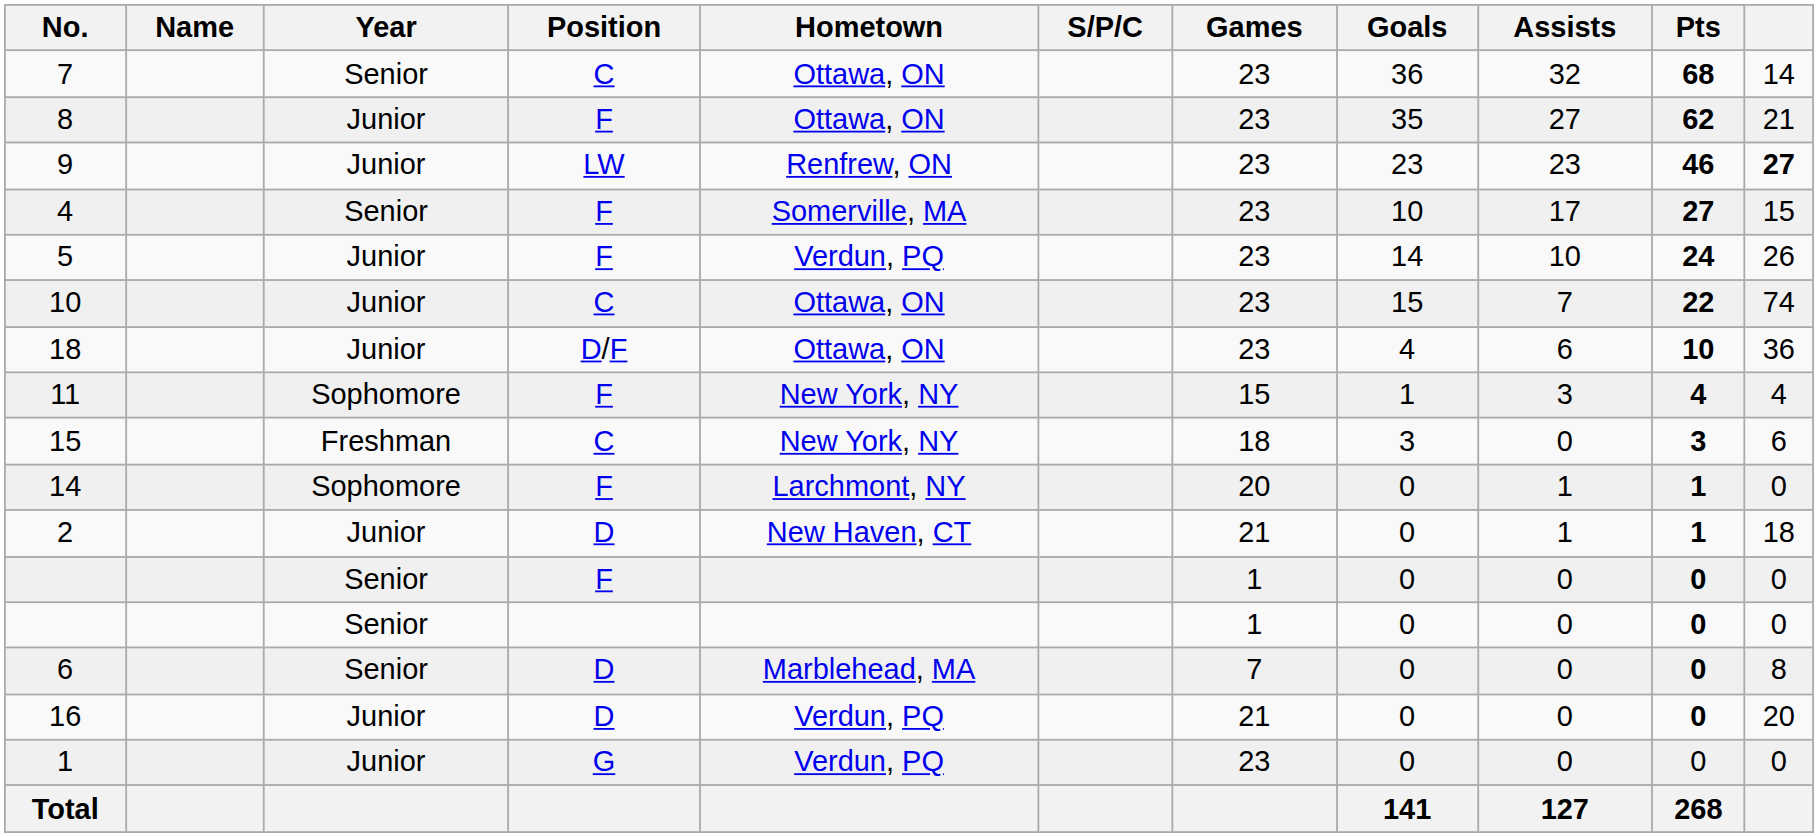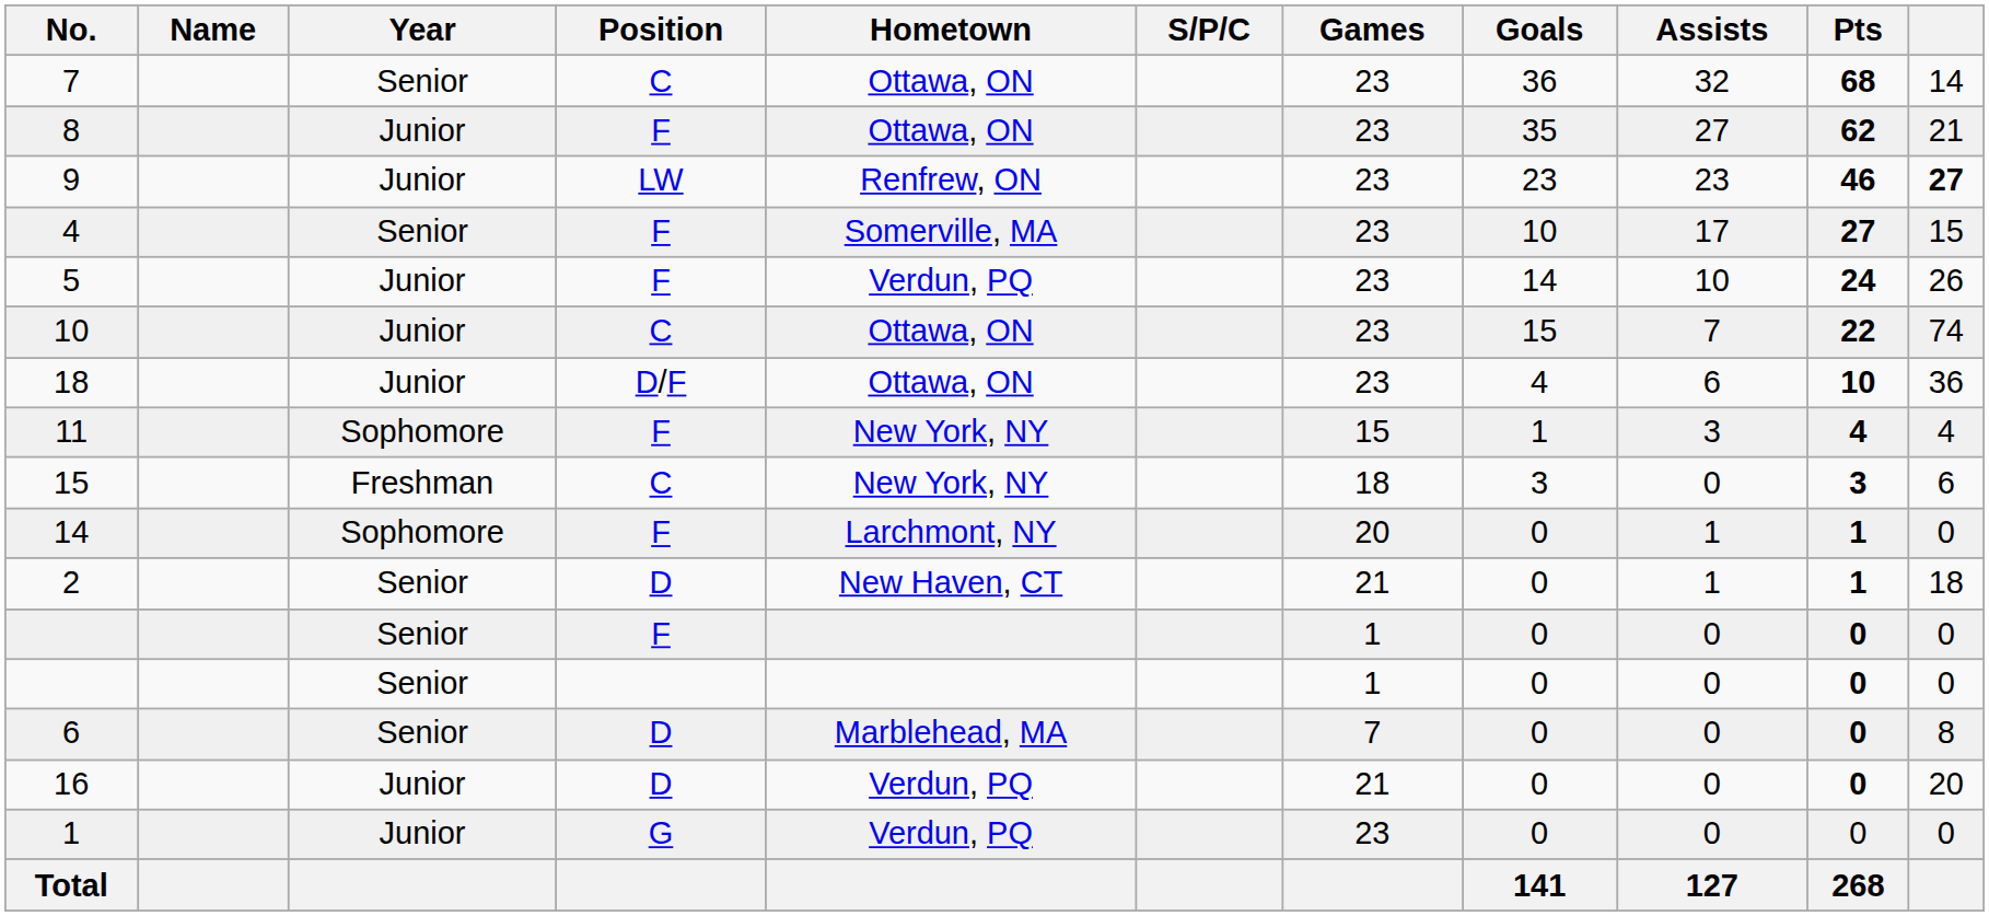 <table class="wikitable sortable" width ="1000">
 <tr align="center">
 <th><strong>No.</strong></th>
 <th><strong>Name</strong></th>
 <th><strong>Year</strong></th>
 <th><strong>Position</strong></th>
 <th><strong>Hometown</strong></th>
 <th><strong>S/P/C</strong></th>
 <th><strong>Games</strong></th>
 <th><strong>Goals</strong></th>
 <th><strong>Assists</strong></th>
 <th><strong>Pts</strong></th>
 <th><strong><a href='#'></a></strong></th>
 </tr>
 <tr align="center" bgcolor="">
 <td>7</td>
 <td></td>
 <td>Senior</td>
 <td><a href='#'>C</a></td>
 <td><a href='#'>Ottawa</a>, <a href='#'>ON</a></td>
 <td></td>
 <td>23</td>
 <td>36</td>
 <td>32</td>
 <td><strong>68</strong></td>
 <td>14</td>
 </tr>
 <tr align="center" bgcolor="#f0f0f0">
 <td>8</td>
 <td></td>
 <td>Junior</td>
 <td><a href='#'>F</a></td>
 <td><a href='#'>Ottawa</a>, <a href='#'>ON</a></td>
 <td></td>
 <td>23</td>
 <td>35</td>
 <td>27</td>
 <td><strong>62</strong></td>
 <td>21</td>
 </tr>
 <tr align="center" bgcolor="">
 <td>9</td>
 <td></td>
 <td>Junior</td>
 <td><a href='#'>LW</a></td>
 <td><a href='#'>Renfrew</a>, <a href='#'>ON</a></td>
 <td></td>
 <td>23</td>
 <td>23</td>
 <td>23</td>
 <td><strong>46</strong></td>
 <td><strong>27</strong></td>
 </tr>
 <tr align="center" bgcolor="#f0f0f0">
 <td>4</td>
 <td></td>
 <td>Senior</td>
 <td><a href='#'>F</a></td>
 <td><a href='#'>Somerville</a>, <a href='#'>MA</a></td>
 <td></td>
 <td>23</td>
 <td>10</td>
 <td>17</td>
 <td><strong>27</strong></td>
 <td>15</td>
 </tr>
 <tr align="center" bgcolor="">
 <td>5</td>
 <td></td>
 <td>Junior</td>
 <td><a href='#'>F</a></td>
 <td><a href='#'>Verdun</a>, <a href='#'>PQ</a></td>
 <td></td>
 <td>23</td>
 <td>14</td>
 <td>10</td>
 <td><strong>24</strong></td>
 <td>26</td>
 </tr>
 <tr align="center" bgcolor="#f0f0f0">
 <td>10</td>
 <td></td>
 <td>Junior</td>
 <td><a href='#'>C</a></td>
 <td><a href='#'>Ottawa</a>, <a href='#'>ON</a></td>
 <td></td>
 <td>23</td>
 <td>15</td>
 <td>7</td>
 <td><strong>22</strong></td>
 <td>74</td>
 </tr>
 <tr align="center" bgcolor="">
 <td>18</td>
 <td></td>
 <td>Junior</td>
 <td><a href='#'>D</a>/<a href='#'>F</a></td>
 <td><a href='#'>Ottawa</a>, <a href='#'>ON</a></td>
 <td></td>
 <td>23</td>
 <td>4</td>
 <td>6</td>
 <td><strong>10</strong></td>
 <td>36</td>
 </tr>
 <tr align="center" bgcolor="#f0f0f0">
 <td>11</td>
 <td></td>
 <td>Sophomore</td>
 <td><a href='#'>F</a></td>
 <td><a href='#'>New York</a>, <a href='#'>NY</a></td>
 <td></td>
 <td>15</td>
 <td>1</td>
 <td>3</td>
 <td><strong>4</strong></td>
 <td>4</td>
 </tr>
 <tr align="center" bgcolor="">
 <td>15</td>
 <td></td>
 <td>Freshman</td>
 <td><a href='#'>C</a></td>
 <td><a href='#'>New York</a>, <a href='#'>NY</a></td>
 <td></td>
 <td>18</td>
 <td>3</td>
 <td>0</td>
 <td><strong>3</strong></td>
 <td>6</td>
 </tr>
 <tr align="center" bgcolor="#f0f0f0">
 <td>14</td>
 <td></td>
 <td>Sophomore</td>
 <td><a href='#'>F</a></td>
 <td><a href='#'>Larchmont</a>, <a href='#'>NY</a></td>
 <td></td>
 <td>20</td>
 <td>0</td>
 <td>1</td>
 <td><strong>1</strong></td>
 <td>0</td>
 </tr>
 <tr align="center" bgcolor="">
 <td>2</td>
 <td></td>
-<td>Junior</td>
+<td>Senior</td>
 <td><a href='#'>D</a></td>
 <td><a href='#'>New Haven</a>, <a href='#'>CT</a></td>
 <td></td>
 <td>21</td>
 <td>0</td>
 <td>1</td>
 <td><strong>1</strong></td>
 <td>18</td>
 </tr>
 <tr align="center" bgcolor="#f0f0f0">
 <td></td>
 <td></td>
 <td>Senior</td>
 <td><a href='#'>F</a></td>
 <td></td>
 <td></td>
 <td>1</td>
 <td>0</td>
 <td>0</td>
 <td><strong>0</strong></td>
 <td>0</td>
 </tr>
 <tr align="center" bgcolor="">
 <td></td>
 <td></td>
 <td>Senior</td>
 <td></td>
 <td></td>
 <td></td>
 <td>1</td>
 <td>0</td>
 <td>0</td>
 <td><strong>0</strong></td>
 <td>0</td>
 </tr>
 <tr align="center" bgcolor="#f0f0f0">
 <td>6</td>
 <td></td>
 <td>Senior</td>
 <td><a href='#'>D</a></td>
 <td><a href='#'>Marblehead</a>, <a href='#'>MA</a></td>
 <td></td>
 <td>7</td>
 <td>0</td>
 <td>0</td>
 <td><strong>0</strong></td>
 <td>8</td>
 </tr>
 <tr align="center" bgcolor="">
 <td>16</td>
 <td></td>
 <td>Junior</td>
 <td><a href='#'>D</a></td>
 <td><a href='#'>Verdun</a>, <a href='#'>PQ</a></td>
 <td></td>
 <td>21</td>
 <td>0</td>
 <td>0</td>
 <td><strong>0</strong></td>
 <td>20</td>
 </tr>
 <tr align="center" bgcolor="#f0f0f0">
 <td>1</td>
 <td></td>
 <td>Junior</td>
 <td><a href='#'>G</a></td>
 <td><a href='#'>Verdun</a>, <a href='#'>PQ</a></td>
 <td></td>
 <td>23</td>
 <td>0</td>
 <td>0</td>
 <td>0</td>
 <td>0</td>
 </tr>
 <tr>
 <th>Total</th>
 <th></th>
 <th></th>
 <th></th>
 <th></th>
 <th></th>
 <th></th>
 <th>141</th>
 <th>127</th>
 <th>268</th>
 <th></th>
 </tr>
 </table>
